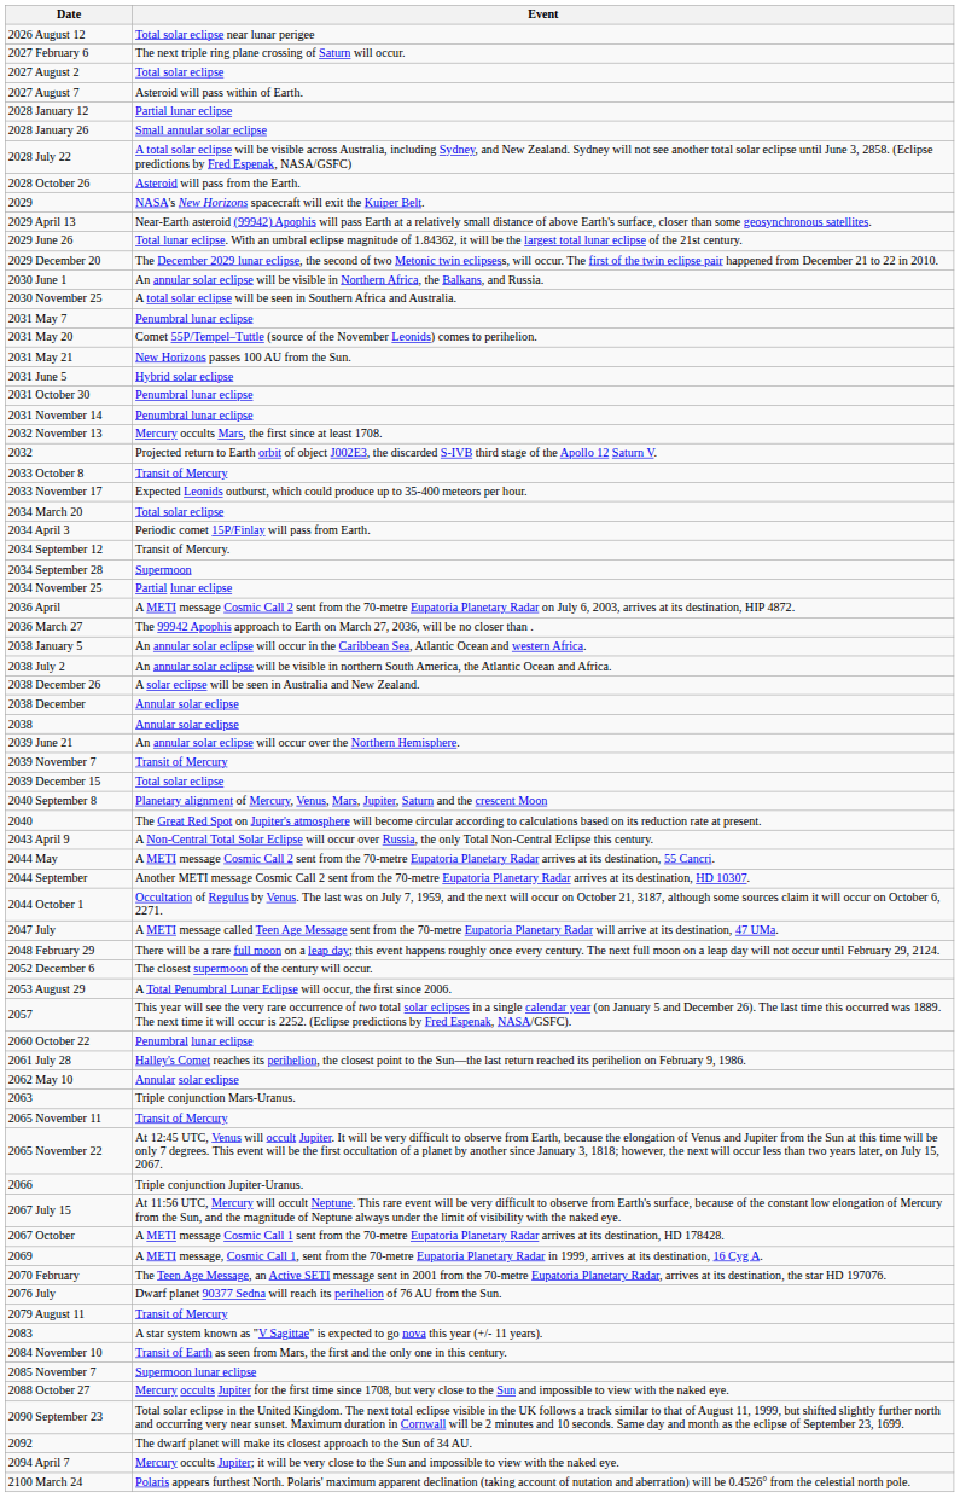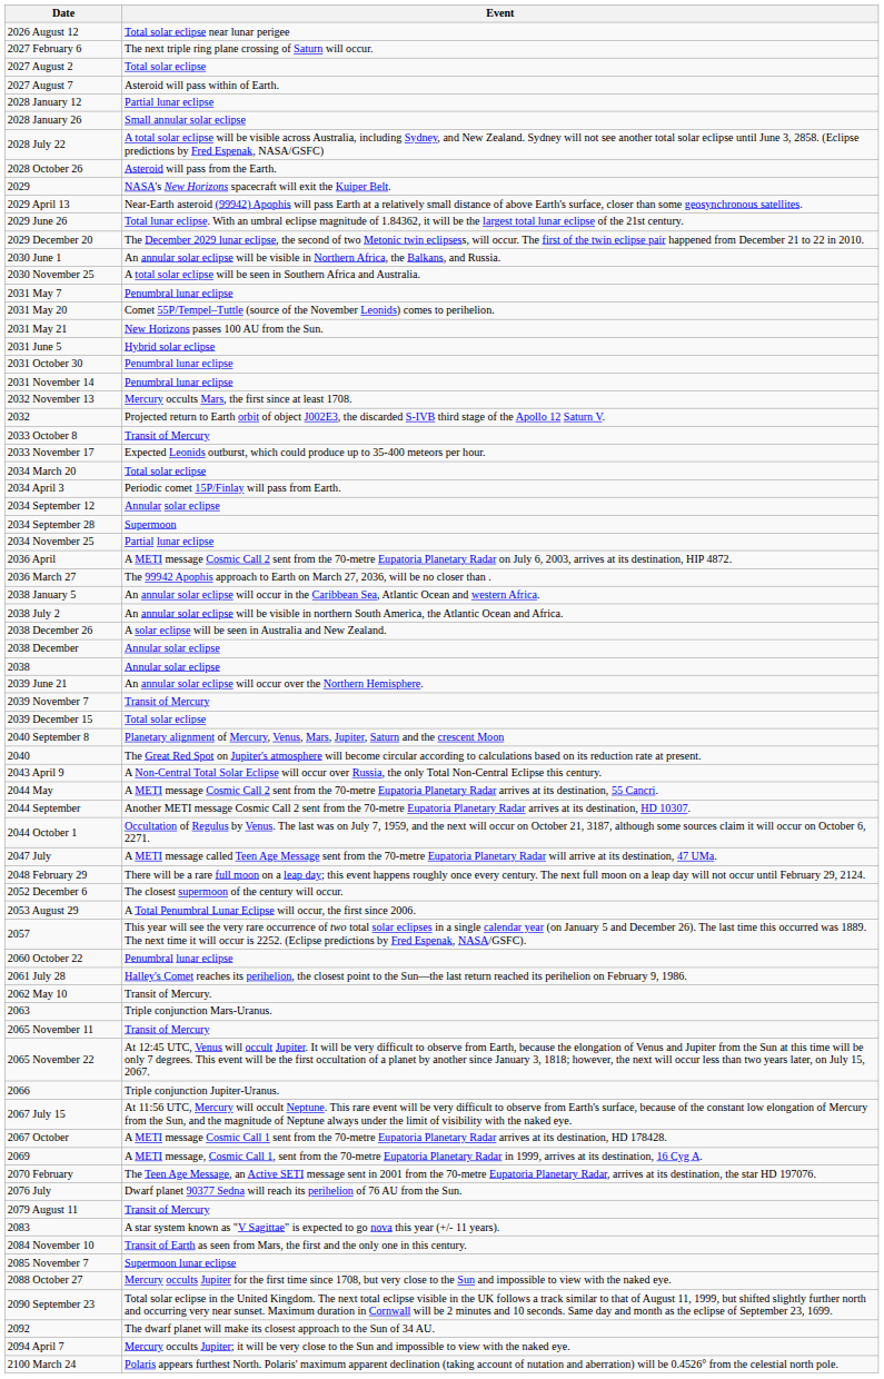 <table class="wikitable">
 <tr>
 <th style="width:10em;">Date</th>
 <th>Event</th>
 </tr>
 <tr>
 <td>2026 August 12</td>
 <td><a href='#'>Total solar eclipse</a> near lunar perigee</td>
 </tr>
 <tr>
 <td>2027 February 6</td>
 <td>The next triple ring plane crossing of <a href='#'>Saturn</a> will occur.</td>
 </tr>
 <tr>
 <td>2027 August 2</td>
 <td><a href='#'>Total solar eclipse</a></td>
 </tr>
 <tr>
 <td>2027 August 7</td>
 <td>Asteroid  will pass within  of Earth.</td>
 </tr>
 <tr>
 <td>2028 January 12</td>
 <td><a href='#'>Partial lunar eclipse</a></td>
 </tr>
 <tr>
 <td>2028 January 26</td>
 <td><a href='#'>Small annular solar eclipse</a></td>
 </tr>
 <tr>
 <td>2028 July 22</td>
 <td><a href='#'>A total solar eclipse</a> will be visible across Australia, including <a href='#'>Sydney</a>, and New Zealand. Sydney will not see another total solar eclipse until June 3, 2858. (Eclipse predictions by <a href='#'>Fred Espenak</a>, NASA/GSFC)</td>
 </tr>
 <tr>
 <td>2028 October 26</td>
 <td><a href='#'>Asteroid</a>  will pass  from the Earth.</td>
 </tr>
 <tr>
 <td>2029</td>
 <td><a href='#'>NASA</a>'s <em><a href='#'>New Horizons</a></em> spacecraft will exit the <a href='#'>Kuiper Belt</a>.</td>
 </tr>
 <tr>
 <td>2029 April 13</td>
 <td>Near-Earth asteroid <a href='#'>(99942) Apophis</a> will pass Earth at a relatively small distance of  above Earth's surface, closer than some <a href='#'>geosynchronous satellites</a>.</td>
 </tr>
 <tr>
 <td>2029 June 26</td>
 <td><a href='#'>Total lunar eclipse</a>. With an umbral eclipse magnitude of 1.84362, it will be the <a href='#'>largest total lunar eclipse</a> of the 21st century.</td>
 </tr>
 <tr>
 <td>2029 December 20</td>
 <td>The <a href='#'>December 2029 lunar eclipse</a>, the second of two <a href='#'>Metonic twin eclipses</a>s, will occur. The <a href='#'>first of the twin eclipse pair</a> happened from December 21 to 22 in 2010.</td>
 </tr>
 <tr>
 <td>2030 June 1</td>
 <td>An <a href='#'>annular solar eclipse</a> will be visible in <a href='#'>Northern Africa</a>, the <a href='#'>Balkans</a>, and Russia.</td>
 </tr>
 <tr>
 <td>2030 November 25</td>
 <td>A <a href='#'>total solar eclipse</a> will be seen in Southern Africa and Australia.</td>
 </tr>
 <tr>
 <td>2031 May 7</td>
 <td><a href='#'>Penumbral lunar eclipse</a></td>
 </tr>
 <tr>
 <td>2031 May 20</td>
 <td>Comet <a href='#'>55P/Tempel–Tuttle</a> (source of the November <a href='#'>Leonids</a>) comes to perihelion.</td>
 </tr>
 <tr>
 <td>2031 May 21</td>
 <td><a href='#'>New Horizons</a> passes 100 AU from the Sun.</td>
 </tr>
 <tr>
 <td>2031 June 5</td>
 <td><a href='#'>Hybrid solar eclipse</a></td>
 </tr>
 <tr>
 <td>2031 October 30</td>
 <td><a href='#'>Penumbral lunar eclipse</a></td>
 </tr>
 <tr>
 <td>2031 November 14</td>
 <td><a href='#'>Penumbral lunar eclipse</a></td>
 </tr>
 <tr>
 <td>2032 November 13</td>
 <td><a href='#'>Mercury</a> occults <a href='#'>Mars</a>, the first since at least 1708.</td>
 </tr>
 <tr>
 <td>2032</td>
 <td>Projected return to Earth <a href='#'>orbit</a> of object <a href='#'>J002E3</a>, the discarded <a href='#'>S-IVB</a> third stage of the <a href='#'>Apollo 12</a> <a href='#'>Saturn V</a>.</td>
 </tr>
 <tr>
 <td>2033 October 8</td>
 <td><a href='#'>Transit of Mercury</a></td>
 </tr>
 <tr>
 <td>2033 November 17</td>
 <td>Expected <a href='#'>Leonids</a> outburst, which could produce up to 35-400 meteors per hour.</td>
 </tr>
 <tr>
 <td>2034 March 20</td>
 <td><a href='#'>Total solar eclipse</a></td>
 </tr>
 <tr>
 <td>2034 April 3</td>
 <td>Periodic comet <a href='#'>15P/Finlay</a> will pass  from Earth.</td>
 </tr>
 <tr>
 <td>2034 September 12</td>
-<td>Transit of Mercury.</td>
+<td><a href='#'>Annular</a> <a href='#'>solar eclipse</a></td>
 </tr>
 <tr>
 <td>2034 September 28</td>
 <td><a href='#'>Supermoon</a></td>
 </tr>
 <tr>
 <td>2034 November 25</td>
 <td><a href='#'>Partial</a> <a href='#'>lunar eclipse</a></td>
 </tr>
 <tr>
 <td>2036 April</td>
 <td>A <a href='#'>METI</a> message <a href='#'>Cosmic Call 2</a> sent from the 70-metre <a href='#'>Eupatoria Planetary Radar</a> on July 6, 2003, arrives at its destination, HIP 4872.</td>
 </tr>
 <tr>
 <td>2036 March 27</td>
 <td>The <a href='#'>99942 Apophis</a> approach to Earth on March 27, 2036, will be no closer than .</td>
 </tr>
 <tr>
 <td>2038 January 5</td>
 <td>An <a href='#'>annular solar eclipse</a> will occur in the <a href='#'>Caribbean Sea</a>, Atlantic Ocean and <a href='#'>western Africa</a>.</td>
 </tr>
 <tr>
 <td>2038 July 2</td>
 <td>An <a href='#'>annular solar eclipse</a> will be visible in northern South America, the Atlantic Ocean and Africa.</td>
 </tr>
 <tr>
 <td>2038 December 26</td>
 <td>A <a href='#'>solar eclipse</a> will be seen in Australia and New Zealand.</td>
 </tr>
 <tr>
 <td>2038 December</td>
 <td><a href='#'>Annular solar eclipse</a></td>
 </tr>
 <tr>
 <td>2038</td>
 <td><a href='#'>Annular solar eclipse</a></td>
 </tr>
 <tr>
 <td>2039 June 21</td>
 <td>An <a href='#'>annular solar eclipse</a> will occur over the <a href='#'>Northern Hemisphere</a>.</td>
 </tr>
 <tr>
 <td>2039 November 7</td>
 <td><a href='#'>Transit of Mercury</a></td>
 </tr>
 <tr>
 <td>2039 December 15</td>
 <td><a href='#'>Total solar eclipse</a></td>
 </tr>
 <tr>
 <td>2040 September 8</td>
 <td><a href='#'>Planetary alignment</a> of <a href='#'>Mercury</a>, <a href='#'>Venus</a>, <a href='#'>Mars</a>, <a href='#'>Jupiter</a>, <a href='#'>Saturn</a> and the <a href='#'>crescent Moon</a></td>
 </tr>
 <tr>
 <td>2040</td>
 <td>The <a href='#'>Great Red Spot</a> on <a href='#'>Jupiter's atmosphere</a> will become circular according to calculations based on its reduction rate at present.</td>
 </tr>
 <tr>
 <td>2043 April 9</td>
 <td>A <a href='#'>Non-Central Total Solar Eclipse</a> will occur over <a href='#'>Russia</a>, the only Total Non-Central Eclipse this century.</td>
 </tr>
 <tr>
 <td>2044 May</td>
 <td>A <a href='#'>METI</a> message <a href='#'>Cosmic Call 2</a> sent from the 70-metre <a href='#'>Eupatoria Planetary Radar</a> arrives at its destination, <a href='#'>55 Cancri</a>.</td>
 </tr>
 <tr>
 <td>2044 September</td>
 <td>Another METI message Cosmic Call 2 sent from the 70-metre <a href='#'>Eupatoria Planetary Radar</a> arrives at its destination, <a href='#'>HD 10307</a>.</td>
 </tr>
 <tr>
 <td>2044 October 1</td>
 <td><a href='#'>Occultation</a> of <a href='#'>Regulus</a> by <a href='#'>Venus</a>. The last was on July 7, 1959, and the next will occur on October 21, 3187, although some sources claim it will occur on October 6, 2271.</td>
 </tr>
 <tr>
 <td>2047 July</td>
 <td>A <a href='#'>METI</a> message called <a href='#'>Teen Age Message</a> sent from the 70-metre <a href='#'>Eupatoria Planetary Radar</a> will arrive at its destination, <a href='#'>47 UMa</a>.</td>
 </tr>
 <tr>
 <td>2048 February 29</td>
 <td>There will be a rare <a href='#'>full moon</a> on a <a href='#'>leap day</a>; this event happens roughly once every century. The next full moon on a leap day will not occur until February 29, 2124.</td>
 </tr>
 <tr>
 <td>2052 December 6</td>
 <td>The closest <a href='#'>supermoon</a> of the century will occur.</td>
 </tr>
 <tr>
 <td>2053 August 29</td>
 <td>A <a href='#'>Total Penumbral Lunar Eclipse</a> will occur, the first since 2006.</td>
 </tr>
 <tr>
 <td>2057</td>
 <td>This year will see the very rare occurrence of <em>two</em> total <a href='#'>solar eclipses</a> in a single <a href='#'>calendar year</a> (on January 5 and December 26). The last time this occurred was 1889. The next time it will occur is 2252. (Eclipse predictions by <a href='#'>Fred Espenak</a>, <a href='#'>NASA</a>/GSFC).</td>
 </tr>
 <tr>
 <td>2060 October 22</td>
 <td><a href='#'>Penumbral</a> <a href='#'>lunar eclipse</a></td>
 </tr>
 <tr>
 <td>2061 July 28</td>
 <td><a href='#'>Halley's Comet</a> reaches its <a href='#'>perihelion</a>, the closest point to the Sun—the last return reached its perihelion on February 9, 1986.</td>
 </tr>
 <tr>
 <td>2062 May 10</td>
-<td><a href='#'>Annular</a> <a href='#'>solar eclipse</a></td>
+<td>Transit of Mercury.</td>
 </tr>
 <tr>
 <td>2063</td>
 <td>Triple conjunction Mars-Uranus.</td>
 </tr>
 <tr>
 <td>2065 November 11</td>
 <td><a href='#'>Transit of Mercury</a></td>
 </tr>
 <tr>
 <td>2065 November 22</td>
 <td>At 12:45 UTC, <a href='#'>Venus</a> will <a href='#'>occult</a> <a href='#'>Jupiter</a>. It will be very difficult to observe from Earth, because the elongation of Venus and Jupiter from the Sun at this time will be only 7 degrees. This event will be the first occultation of a planet by another since January 3, 1818; however, the next will occur less than two years later, on July 15, 2067.</td>
 </tr>
 <tr>
 <td>2066</td>
 <td>Triple conjunction Jupiter-Uranus.</td>
 </tr>
 <tr>
 <td>2067 July 15</td>
 <td>At 11:56 UTC, <a href='#'>Mercury</a> will occult <a href='#'>Neptune</a>. This rare event will be very difficult to observe from Earth's surface, because of the constant low elongation of Mercury from the Sun, and the magnitude of Neptune always under the limit of visibility with the naked eye.</td>
 </tr>
 <tr>
 <td>2067 October</td>
 <td>A <a href='#'>METI</a> message <a href='#'>Cosmic Call 1</a> sent from the 70-metre <a href='#'>Eupatoria Planetary Radar</a> arrives at its destination, HD 178428.</td>
 </tr>
 <tr>
 <td>2069</td>
 <td>A <a href='#'>METI</a> message, <a href='#'>Cosmic Call 1</a>, sent from the 70-metre <a href='#'>Eupatoria Planetary Radar</a> in 1999, arrives at its destination, <a href='#'>16 Cyg A</a>.</td>
 </tr>
 <tr>
 <td>2070 February</td>
 <td>The <a href='#'>Teen Age Message</a>, an <a href='#'>Active SETI</a> message sent in 2001 from the 70-metre <a href='#'>Eupatoria Planetary Radar</a>, arrives at its destination, the star HD 197076.</td>
 </tr>
 <tr>
 <td>2076 July</td>
 <td>Dwarf planet <a href='#'>90377 Sedna</a> will reach its <a href='#'>perihelion</a> of 76 AU from the Sun.</td>
 </tr>
 <tr>
 <td>2079 August 11</td>
 <td><a href='#'>Transit of Mercury</a></td>
 </tr>
 <tr>
 <td>2083</td>
 <td>A star system known as "<a href='#'>V Sagittae</a>" is expected to go <a href='#'>nova</a> this year (+/- 11 years).</td>
 </tr>
 <tr>
 <td>2084 November 10</td>
 <td><a href='#'>Transit of Earth</a> as seen from Mars, the first and the only one in this century.</td>
 </tr>
 <tr>
 <td>2085 November 7</td>
 <td><a href='#'>Supermoon lunar eclipse</a></td>
 </tr>
 <tr>
 <td>2088 October 27</td>
 <td><a href='#'>Mercury</a> <a href='#'>occults</a> <a href='#'>Jupiter</a> for the first time since 1708, but very close to the <a href='#'>Sun</a> and impossible to view with the naked eye.</td>
 </tr>
 <tr>
 <td>2090 September 23</td>
 <td>Total solar eclipse in the United Kingdom. The next total eclipse visible in the UK follows a track similar to that of August 11, 1999, but shifted slightly further north and occurring very near sunset. Maximum duration in <a href='#'>Cornwall</a> will be 2 minutes and 10 seconds. Same day and month as the eclipse of September 23, 1699.</td>
 </tr>
 <tr>
 <td>2092</td>
 <td>The dwarf planet  will make its closest approach to the Sun of 34 AU.</td>
 </tr>
 <tr>
 <td>2094 April 7</td>
 <td><a href='#'>Mercury</a> occults <a href='#'>Jupiter</a>; it will be very close to the Sun and impossible to view with the naked eye.</td>
 </tr>
 <tr>
 <td>2100 March 24</td>
 <td><a href='#'>Polaris</a> appears furthest North. Polaris' maximum apparent declination (taking account of nutation and aberration) will be 0.4526° from the celestial north pole.</td>
 </tr>
 </table>
